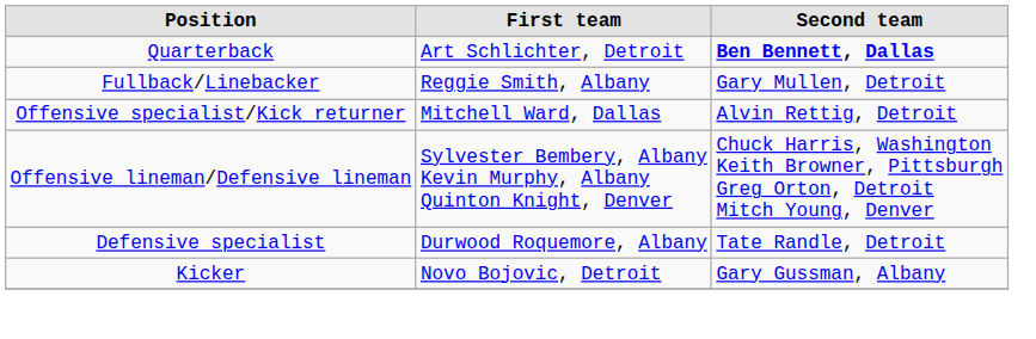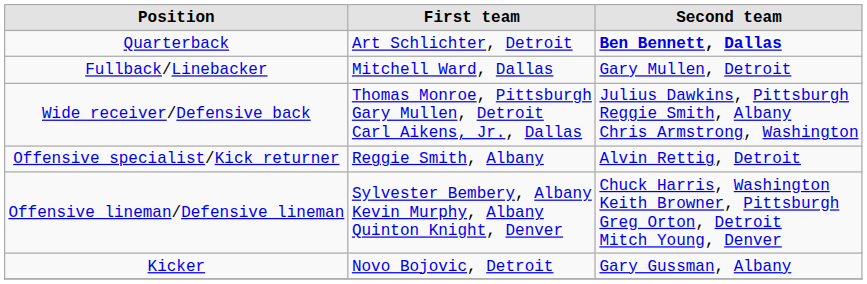 <table class="wikitable">
 <tr>
 <th style="background:#e3e3e3;">Position</th>
 <th style="background:#e3e3e3;">First team</th>
 <th style="background:#e3e3e3;">Second team</th>
 </tr>
 <tr>
 <td align=center><a href='#'>Quarterback</a></td>
 <td><a href='#'>Art Schlichter</a>, <a href='#'>Detroit</a></td>
 <td><strong><a href='#'>Ben Bennett</a>, <a href='#'>Dallas</a></strong></td>
 </tr>
 <tr>
 <td align=center><a href='#'>Fullback</a>/<a href='#'>Linebacker</a></td>
-<td><a href='#'>Reggie Smith</a>, <a href='#'>Albany</a></td>
+<td><a href='#'>Mitchell Ward</a>, <a href='#'>Dallas</a></td>
 <td><a href='#'>Gary Mullen</a>, <a href='#'>Detroit</a></td>
 </tr>
 <tr>
+<td align=center><a href='#'>Wide receiver</a>/<a href='#'>Defensive back</a></td>
+<td><a href='#'>Thomas Monroe</a>, <a href='#'>Pittsburgh</a><br><a href='#'>Gary Mullen</a>, <a href='#'>Detroit</a><br><a href='#'>Carl Aikens, Jr.</a>, <a href='#'>Dallas</a></td>
+<td><a href='#'>Julius Dawkins</a>, <a href='#'>Pittsburgh</a><br><a href='#'>Reggie Smith</a>, <a href='#'>Albany</a><br><a href='#'>Chris Armstrong</a>, <a href='#'>Washington</a></td>
+</tr>
+<tr>
 <td align=center><a href='#'>Offensive specialist</a>/<a href='#'>Kick returner</a></td>
-<td><a href='#'>Mitchell Ward</a>, <a href='#'>Dallas</a></td>
+<td><a href='#'>Reggie Smith</a>, <a href='#'>Albany</a></td>
 <td><a href='#'>Alvin Rettig</a>, <a href='#'>Detroit</a></td>
 </tr>
 <tr>
 <td align=center><a href='#'>Offensive lineman</a>/<a href='#'>Defensive lineman</a></td>
 <td><a href='#'>Sylvester Bembery</a>, <a href='#'>Albany</a><br><a href='#'>Kevin Murphy</a>, <a href='#'>Albany</a><br><a href='#'>Quinton Knight</a>, <a href='#'>Denver</a></td>
 <td><a href='#'>Chuck Harris</a>, <a href='#'>Washington</a><br><a href='#'>Keith Browner</a>, <a href='#'>Pittsburgh</a><br><a href='#'>Greg Orton</a>, <a href='#'>Detroit</a><br><a href='#'>Mitch Young</a>, <a href='#'>Denver</a></td>
-</tr>
-<tr>
-<td align=center><a href='#'>Defensive specialist</a></td>
-<td><a href='#'>Durwood Roquemore</a>, <a href='#'>Albany</a></td>
-<td><a href='#'>Tate Randle</a>, <a href='#'>Detroit</a></td>
 </tr>
 <tr>
 <td align=center><a href='#'>Kicker</a></td>
 <td><a href='#'>Novo Bojovic</a>, <a href='#'>Detroit</a></td>
 <td><a href='#'>Gary Gussman</a>, <a href='#'>Albany</a></td>
 </tr>
 <tr>
 </tr>
 </table>
